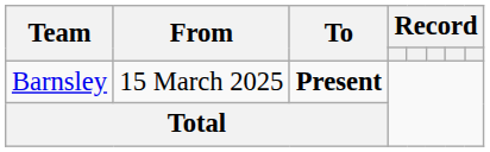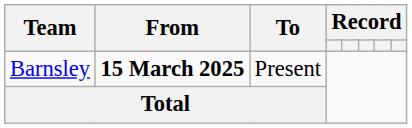 <table class=wikitable style=text-align:center>
 <tr>
 <th rowspan=2>Team</th>
 <th rowspan=2>From</th>
 <th rowspan=2>To</th>
 <th colspan=5>Record</th>
 </tr>
 <tr>
 <th></th>
 <th></th>
 <th></th>
 <th></th>
 <th></th>
 </tr>
 <tr>
 <td align=left><a href='#'>Barnsley</a></td>
-<td align=left>15 March 2025</td>
-<td align=left><strong>Present<br></strong></td>
+<td align=left><strong>15 March 2025</strong></td>
+<td align=left>Present<br></td>
 </tr>
 <tr>
 <th colspan=3>Total<br></th>
 </tr>
 </table>
